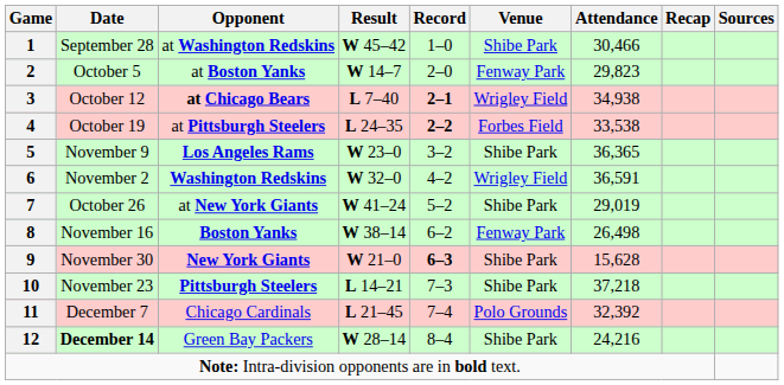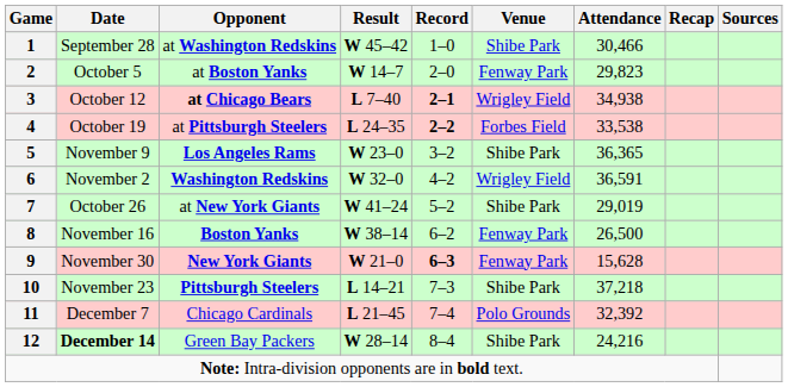 <table class="wikitable" style="text-align:center">
 <tr>
 <th>Game</th>
 <th>Date</th>
 <th>Opponent</th>
 <th>Result</th>
 <th>Record</th>
 <th>Venue</th>
 <th>Attendance</th>
 <th>Recap</th>
 <th>Sources</th>
 </tr>
 <tr style="background:#cfc">
 <th>1</th>
 <td>September 28</td>
 <td>at <strong><a href='#'>Washington Redskins</a></strong></td>
 <td><strong>W</strong> 45–42</td>
 <td>1–0</td>
 <td><a href='#'>Shibe Park</a></td>
 <td>30,466</td>
 <td></td>
 <td></td>
 </tr>
 <tr style="background:#cfc">
 <th>2</th>
 <td>October 5</td>
 <td>at <strong><a href='#'>Boston Yanks</a></strong></td>
 <td><strong>W</strong> 14–7</td>
 <td>2–0</td>
 <td><a href='#'>Fenway Park</a></td>
 <td>29,823</td>
 <td></td>
 <td></td>
 </tr>
 <tr style="background:#fcc">
 <th>3</th>
 <td>October 12</td>
 <td><strong>at <a href='#'>Chicago Bears</a></strong></td>
 <td><strong>L</strong> 7–40</td>
 <td><strong>2–1</strong></td>
 <td><a href='#'>Wrigley Field</a></td>
 <td>34,938</td>
 <td></td>
 <td></td>
 </tr>
 <tr style="background:#fcc">
 <th>4</th>
 <td>October 19</td>
 <td>at <strong><a href='#'>Pittsburgh Steelers</a></strong></td>
 <td><strong>L</strong> 24–35</td>
 <td><strong>2–2</strong></td>
 <td><a href='#'>Forbes Field</a></td>
 <td>33,538</td>
 <td></td>
 <td></td>
 </tr>
 <tr style="background:#cfc">
 <th>5</th>
 <td>November 9</td>
 <td><strong><a href='#'>Los Angeles Rams</a></strong></td>
 <td><strong>W</strong> 23–0</td>
 <td>3–2</td>
 <td>Shibe Park</td>
 <td>36,365</td>
 <td></td>
 <td></td>
 </tr>
 <tr style="background:#cfc">
 <th>6</th>
 <td>November 2</td>
 <td><strong><a href='#'>Washington Redskins</a></strong></td>
 <td><strong>W</strong> 32–0</td>
 <td>4–2</td>
 <td><a href='#'>Wrigley Field</a></td>
 <td>36,591</td>
 <td></td>
 <td></td>
 </tr>
 <tr style="background:#cfc">
 <th>7</th>
 <td>October 26</td>
 <td>at <strong><a href='#'>New York Giants</a></strong></td>
 <td><strong>W</strong> 41–24</td>
 <td>5–2</td>
 <td>Shibe Park</td>
 <td>29,019</td>
 <td></td>
 <td></td>
 </tr>
 <tr style="background:#cfc">
 <th>8</th>
 <td>November 16</td>
 <td><strong><a href='#'>Boston Yanks</a></strong></td>
 <td><strong>W</strong> 38–14</td>
 <td>6–2</td>
 <td><a href='#'>Fenway Park</a></td>
-<td>26,498</td>
+<td>26,500</td>
 <td></td>
 <td></td>
 </tr>
 <tr style="background:#fcc">
 <th>9</th>
 <td>November 30</td>
 <td><strong><a href='#'>New York Giants</a></strong></td>
 <td><strong>W</strong> 21–0</td>
 <td><strong>6–3</strong></td>
-<td>Shibe Park</td>
+<td><a href='#'>Fenway Park</a></td>
 <td>15,628</td>
 <td></td>
 <td></td>
 </tr>
 <tr style="background:#cfc">
 <th>10</th>
 <td>November 23</td>
 <td><strong><a href='#'>Pittsburgh Steelers</a></strong></td>
 <td><strong>L</strong> 14–21</td>
 <td>7–3</td>
 <td>Shibe Park</td>
 <td>37,218</td>
 <td></td>
 <td></td>
 </tr>
 <tr style="background:#fcc">
 <th>11</th>
 <td>December 7</td>
 <td><a href='#'>Chicago Cardinals</a></td>
 <td><strong>L</strong> 21–45</td>
 <td>7–4</td>
 <td><a href='#'>Polo Grounds</a></td>
 <td>32,392</td>
 <td></td>
 <td></td>
 </tr>
 <tr style="background:#cfc">
 <th>12</th>
 <td><strong>December 14</strong></td>
 <td><a href='#'>Green Bay Packers</a></td>
 <td><strong>W</strong> 28–14</td>
 <td>8–4</td>
 <td>Shibe Park</td>
 <td>24,216</td>
 <td></td>
 <td></td>
 </tr>
 <tr>
 <td colspan="8"><strong>Note:</strong> Intra-division opponents are in <strong>bold</strong> text.</td>
 </tr>
 </table>
